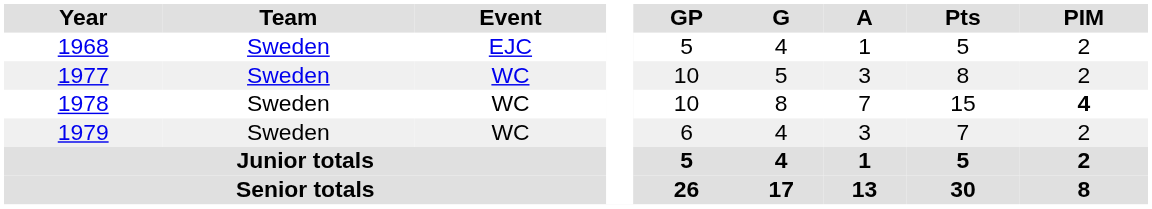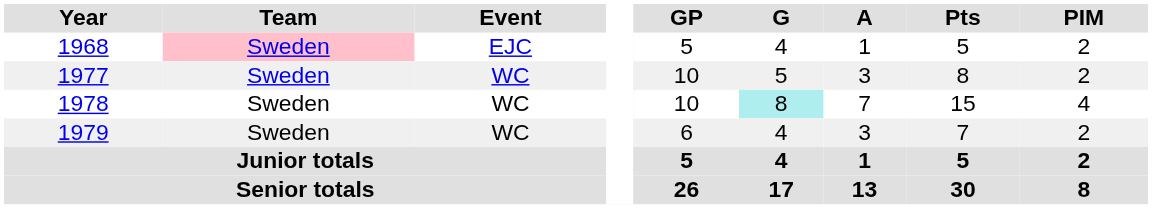 <table border="0" cellpadding="1" cellspacing="0" style="text-align:center; width:50em">
 <tr ALIGN="center" bgcolor="#e0e0e0">
 <th>Year</th>
 <th>Team</th>
 <th>Event</th>
 <th rowspan="99" bgcolor="#ffffff"> </th>
 <th>GP</th>
 <th>G</th>
 <th>A</th>
 <th>Pts</th>
 <th>PIM</th>
 </tr>
 <tr>
 <td><a href='#'>1968</a></td>
-<td><a href='#'>Sweden</a></td>
+<td style="background: pink;"><a href='#'>Sweden</a></td>
 <td><a href='#'>EJC</a></td>
 <td>5</td>
 <td>4</td>
 <td>1</td>
 <td>5</td>
 <td>2</td>
 </tr>
 <tr bgcolor="#f0f0f0">
 <td><a href='#'>1977</a></td>
 <td><a href='#'>Sweden</a></td>
 <td><a href='#'>WC</a></td>
 <td>10</td>
 <td>5</td>
 <td>3</td>
 <td>8</td>
 <td>2</td>
 </tr>
 <tr>
 <td><a href='#'>1978</a></td>
 <td>Sweden</td>
 <td>WC</td>
 <td>10</td>
-<td>8</td>
+<td style="background: paleturquoise;">8</td>
 <td>7</td>
 <td>15</td>
-<td><strong>4</strong></td>
+<td>4</td>
 </tr>
 <tr bgcolor="#f0f0f0">
 <td><a href='#'>1979</a></td>
 <td>Sweden</td>
 <td>WC</td>
 <td>6</td>
 <td>4</td>
 <td>3</td>
 <td>7</td>
 <td>2</td>
 </tr>
 <tr bgcolor="#e0e0e0">
 <th colspan=3>Junior totals</th>
 <th>5</th>
 <th>4</th>
 <th>1</th>
 <th>5</th>
 <th>2</th>
 </tr>
 <tr bgcolor="#e0e0e0">
 <th colspan=3>Senior totals</th>
 <th>26</th>
 <th>17</th>
 <th>13</th>
 <th>30</th>
 <th>8</th>
 </tr>
 </table>
